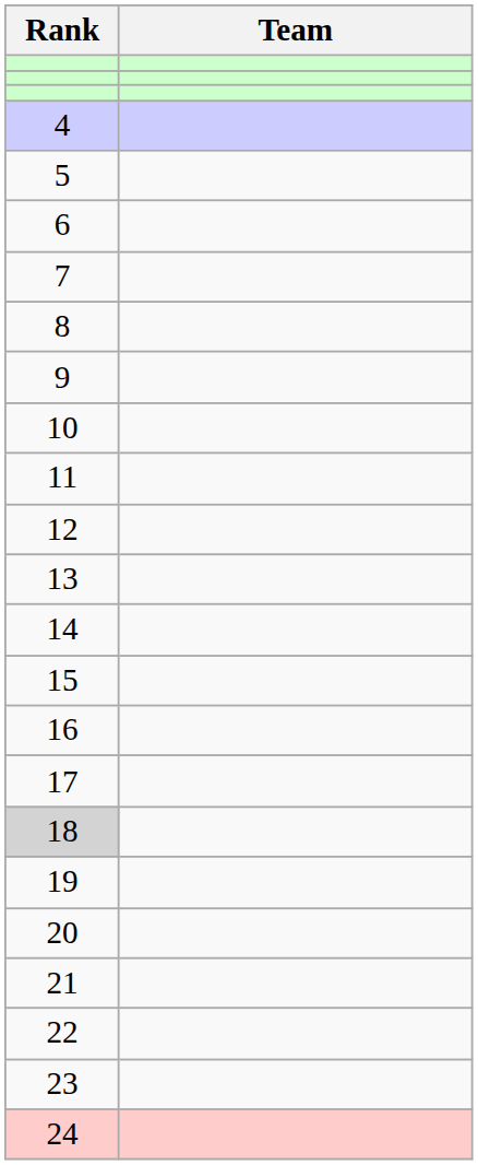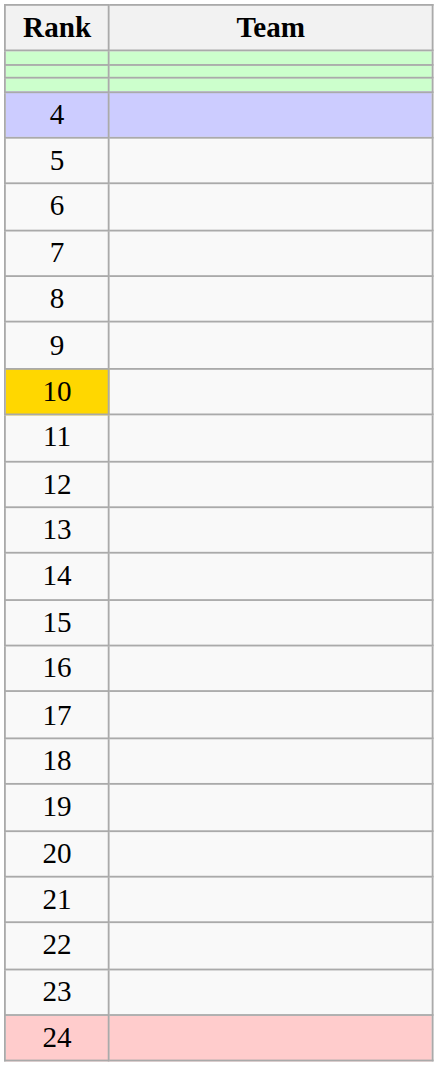 <table class="wikitable" style="text-align: center">
 <tr>
 <th width=50>Rank</th>
 <th width=170>Team</th>
 </tr>
 <tr bgcolor=#ccffcc>
 <td></td>
 <td align=left></td>
 </tr>
 <tr bgcolor=#ccffcc>
 <td></td>
 <td align=left></td>
 </tr>
 <tr bgcolor=#ccffcc>
 <td></td>
 <td align=left></td>
 </tr>
 <tr bgcolor=#ccccff>
 <td>4</td>
 <td align=left></td>
 </tr>
 <tr>
 <td>5</td>
 <td align=left></td>
 </tr>
 <tr>
 <td>6</td>
 <td align=left></td>
 </tr>
 <tr>
 <td>7</td>
 <td align=left></td>
 </tr>
 <tr>
 <td>8</td>
 <td align=left></td>
 </tr>
 <tr>
 <td>9</td>
 <td align=left></td>
 </tr>
 <tr>
-<td>10</td>
+<td style="background: gold;">10</td>
 <td align=left></td>
 </tr>
 <tr>
 <td>11</td>
 <td align=left></td>
 </tr>
 <tr>
 <td>12</td>
 <td align=left></td>
 </tr>
 <tr>
 <td>13</td>
 <td align=left></td>
 </tr>
 <tr>
 <td>14</td>
 <td align=left></td>
 </tr>
 <tr>
 <td>15</td>
 <td align=left></td>
 </tr>
 <tr>
 <td>16</td>
 <td align=left></td>
 </tr>
 <tr>
 <td>17</td>
 <td align=left></td>
 </tr>
 <tr>
-<td style="background: lightgrey;">18</td>
+<td>18</td>
 <td align=left></td>
 </tr>
 <tr>
 <td>19</td>
 <td align=left></td>
 </tr>
 <tr>
 <td>20</td>
 <td align=left></td>
 </tr>
 <tr>
 <td>21</td>
 <td align=left></td>
 </tr>
 <tr>
 <td>22</td>
 <td align=left></td>
 </tr>
 <tr>
 <td>23</td>
 <td align=left></td>
 </tr>
 <tr bgcolor=#ffcccc>
 <td>24</td>
 <td align=left></td>
 </tr>
 </table>
